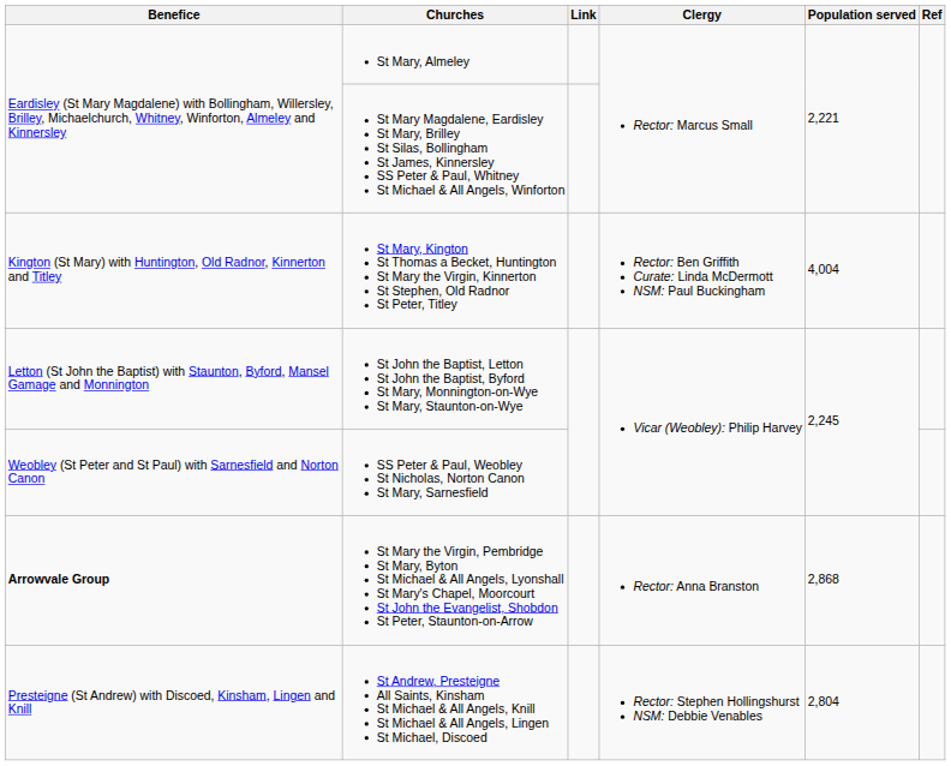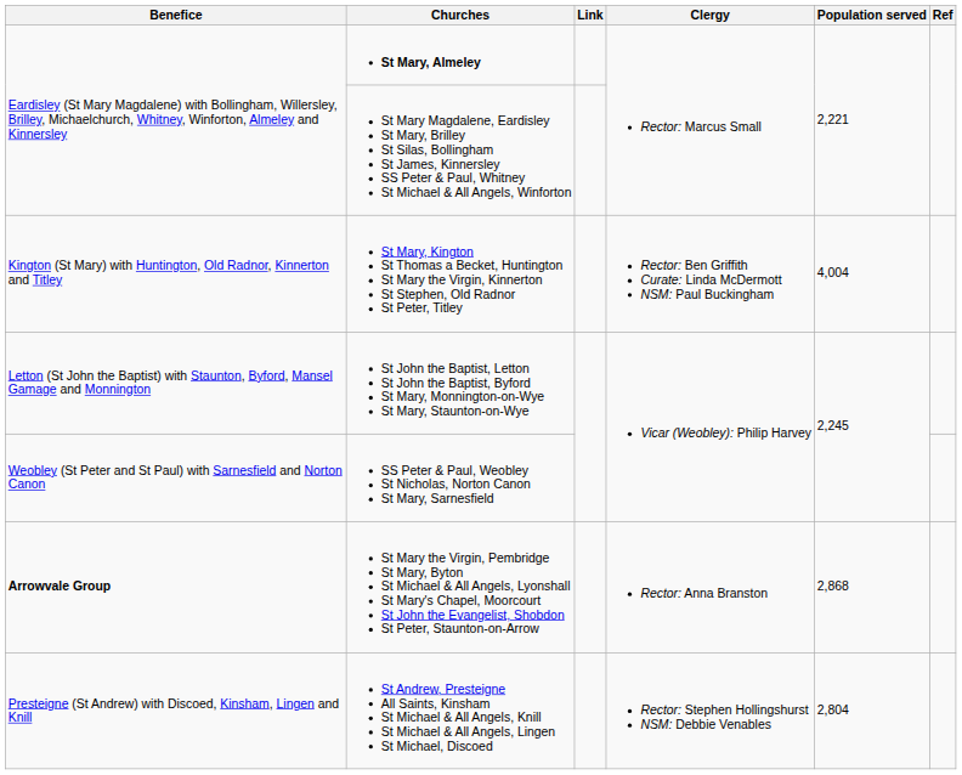 <table class="wikitable">
 <tr>
 <th width="425">Benefice</th>
 <th>Churches</th>
 <th>Link</th>
 <th>Clergy</th>
 <th>Population served</th>
 <th>Ref</th>
 </tr>
 <tr>
 <td rowspan="2"><a href='#'>Eardisley</a> (St Mary Magdalene) with Bollingham, Willersley, <a href='#'>Brilley</a>, Michaelchurch, <a href='#'>Whitney</a>, Winforton, <a href='#'>Almeley</a> and <a href='#'>Kinnersley</a></td>
-<td><br><ul><li>St Mary, Almeley</li></ul></td>
+<td><strong><br><ul><li>St Mary, Almeley</li></ul></strong></td>
 <td></td>
 <td rowspan="2"><br><ul><li><em>Rector:</em> Marcus Small</li></ul></td>
 <td rowspan="2">2,221</td>
 <td rowspan="2"></td>
 </tr>
 <tr>
 <td><br><ul><li>St Mary Magdalene, Eardisley</li><li>St Mary, Brilley</li><li>St Silas, Bollingham</li><li>St James, Kinnersley</li><li>SS Peter & Paul, Whitney</li><li>St Michael & All Angels, Winforton</li></ul></td>
 <td></td>
 </tr>
 <tr>
 <td><a href='#'>Kington</a> (St Mary) with <a href='#'>Huntington</a>, <a href='#'>Old Radnor</a>, <a href='#'>Kinnerton</a> and <a href='#'>Titley</a></td>
 <td><br><ul><li><a href='#'>St Mary, Kington</a></li><li>St Thomas a Becket, Huntington</li><li>St Mary the Virgin, Kinnerton</li><li>St Stephen, Old Radnor</li><li>St Peter, Titley</li></ul></td>
 <td></td>
 <td><br><ul><li><em>Rector:</em> Ben Griffith</li><li><em>Curate:</em> Linda McDermott</li><li><em>NSM:</em> Paul Buckingham</li></ul></td>
 <td>4,004</td>
 <td></td>
 </tr>
 <tr>
 <td><a href='#'>Letton</a> (St John the Baptist) with <a href='#'>Staunton</a>, <a href='#'>Byford</a>, <a href='#'>Mansel Gamage</a> and <a href='#'>Monnington</a></td>
 <td><br><ul><li>St John the Baptist, Letton</li><li>St John the Baptist, Byford</li><li>St Mary, Monnington-on-Wye</li><li>St Mary, Staunton-on-Wye</li></ul></td>
 <td rowspan="2"></td>
 <td rowspan="2"><br><ul><li><em>Vicar (Weobley):</em> Philip Harvey</li></ul></td>
 <td rowspan="2">2,245</td>
 <td></td>
 </tr>
 <tr>
 <td><a href='#'>Weobley</a> (St Peter and St Paul) with <a href='#'>Sarnesfield</a> and <a href='#'>Norton Canon</a></td>
 <td><br><ul><li>SS Peter & Paul, Weobley</li><li>St Nicholas, Norton Canon</li><li>St Mary, Sarnesfield</li></ul></td>
 <td></td>
 </tr>
 <tr>
 <td><strong>Arrowvale Group</strong></td>
 <td><br><ul><li>St Mary the Virgin, Pembridge</li><li>St Mary, Byton</li><li>St Michael & All Angels, Lyonshall</li><li>St Mary's Chapel, Moorcourt</li><li><a href='#'>St John the Evangelist, Shobdon</a></li><li>St Peter, Staunton-on-Arrow</li></ul></td>
 <td></td>
 <td><br><ul><li><em>Rector:</em> Anna Branston</li></ul></td>
 <td>2,868</td>
 <td></td>
 </tr>
 <tr>
 <td><a href='#'>Presteigne</a> (St Andrew) with Discoed, <a href='#'>Kinsham</a>, <a href='#'>Lingen</a> and <a href='#'>Knill</a></td>
 <td><br><ul><li><a href='#'>St Andrew, Presteigne</a></li><li>All Saints, Kinsham</li><li>St Michael & All Angels, Knill</li><li>St Michael & All Angels, Lingen</li><li>St Michael, Discoed</li></ul></td>
 <td></td>
 <td><br><ul><li><em>Rector:</em> Stephen Hollingshurst</li><li><em>NSM:</em> Debbie Venables</li></ul></td>
 <td>2,804</td>
 <td></td>
 </tr>
 </table>
